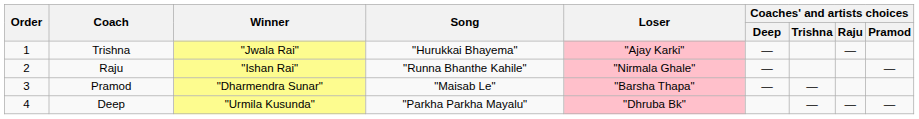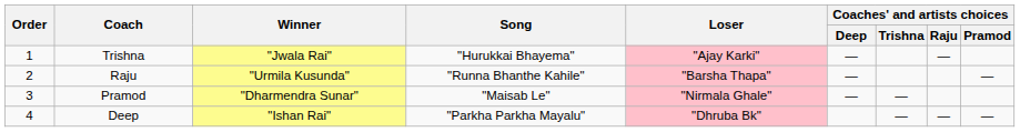 <table class="wikitable plainrowheaders" style="text-align:center; width:100%;">
 <tr>
 <th scope="col" style="width:05%;" rowspan="2">Order</th>
 <th scope="col" style="width:15%;" rowspan="2">Coach</th>
 <th scope="col" style="width:23%;" rowspan="2">Winner</th>
 <th scope="col" style="width:24%;" rowspan="2">Song</th>
 <th scope="col" style="width:22%;" rowspan="2">Loser</th>
 <th scope="col" style="width:20%;" colspan="4">Coaches' and artists choices</th>
 </tr>
 <tr>
 <th scope="col" style="width:05%;">Deep</th>
 <th scope="col" style="width:05%;">Trishna</th>
 <th scope="col" style="width:05%;">Raju</th>
 <th scope="col" style="width:05%;">Pramod</th>
 </tr>
 <tr>
 <td scope="row">1</td>
 <td>Trishna</td>
 <td style="background:#fdfc8f;text-align:center;">"Jwala Rai"</td>
 <td>"Hurukkai Bhayema"</td>
 <td style="background:pink;text-align:center;">"Ajay Karki"</td>
 <td>—</td>
 <td></td>
 <td>—</td>
 </tr>
 <tr>
 <td scope="row">2</td>
 <td>Raju</td>
-<td style="background:#fdfc8f;text-align:center;">"Ishan Rai"</td>
+<td style="background:#fdfc8f;text-align:center;">"Urmila Kusunda"</td>
 <td>"Runna Bhanthe Kahile"</td>
-<td style="background:pink;text-align:center;">"Nirmala Ghale"</td>
+<td style="background:pink;text-align:center;">"Barsha Thapa"</td>
 <td>—</td>
 <td></td>
 <td></td>
 <td>—</td>
 </tr>
 <tr>
 <td scope="row">3</td>
 <td>Pramod</td>
 <td style="background:#fdfc8f;text-align:center;">"Dharmendra Sunar"</td>
 <td>"Maisab Le"</td>
-<td style="background:pink;text-align:center;">"Barsha Thapa"</td>
+<td style="background:pink;text-align:center;">"Nirmala Ghale"</td>
 <td>—</td>
 <td>—</td>
 <td></td>
 </tr>
 <tr>
 <td scope="row">4</td>
 <td>Deep</td>
-<td style="background:#fdfc8f;text-align:center;">"Urmila Kusunda"</td>
+<td style="background:#fdfc8f;text-align:center;">"Ishan Rai"</td>
 <td>"Parkha Parkha Mayalu"</td>
 <td style="background:pink;text-align:center;">"Dhruba Bk"</td>
 <td></td>
 <td>—</td>
 <td>—</td>
 <td>—</td>
 </tr>
 </table>
